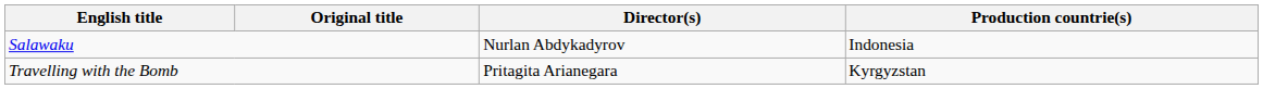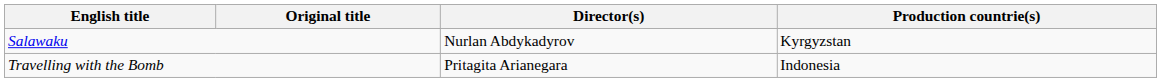 <table class="wikitable" style="width:95%; margin-bottom:2px">
 <tr>
 <th>English title</th>
 <th>Original title</th>
 <th>Director(s)</th>
 <th>Production countrie(s)</th>
 </tr>
 <tr>
 <td colspan="2"><em><a href='#'>Salawaku</a></em> </td>
 <td>Nurlan Abdykadyrov</td>
-<td>Indonesia</td>
+<td>Kyrgyzstan</td>
 </tr>
 <tr>
 <td colspan="2'"><em>Travelling with the Bomb</em> </td>
 <td>Pritagita Arianegara</td>
-<td>Kyrgyzstan</td>
+<td>Indonesia</td>
 </tr>
 </table>
